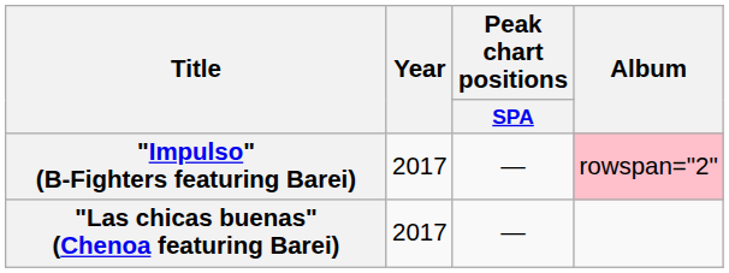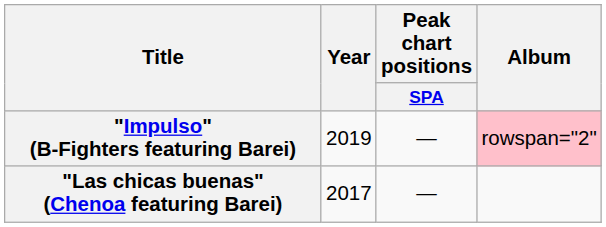 <table class="wikitable plainrowheaders" style="text-align:center;">
 <tr>
 <th scope="col" rowspan="2" style="width:15em;">Title</th>
 <th scope="col" rowspan="2" style="width:1em;">Year</th>
 <th scope="col" colspan="1">Peak chart positions</th>
 <th scope="col" rowspan="2">Album</th>
 </tr>
 <tr>
 <th scope="col" style="width:3em;font-size:85%;"><a href='#'>SPA</a><br></th>
 </tr>
 <tr>
 <th scope="row">"<a href='#'>Impulso</a>"<br><span>(B-Fighters featuring Barei)</span></th>
-<td>2017</td>
+<td>2019</td>
 <td>—</td>
 <td style="background: pink;">rowspan="2" </td>
 </tr>
 <tr>
 <th scope="row">"Las chicas buenas"<br><span>(<a href='#'>Chenoa</a> featuring Barei)</span></th>
 <td>2017</td>
 <td>—</td>
 </tr>
 </table>
